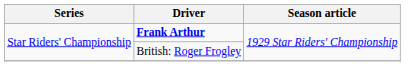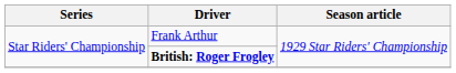 <table class="wikitable" style="font-size: 87%;">
 <tr>
 <th>Series</th>
 <th>Driver</th>
 <th>Season article</th>
 </tr>
 <tr>
 <td rowspan=2><a href='#'>Star Riders' Championship</a></td>
-<td><strong> <a href='#'>Frank Arthur</a></strong></td>
+<td> <a href='#'>Frank Arthur</a></td>
 <td rowspan=2><em><a href='#'>1929 Star Riders' Championship</a></em></td>
 </tr>
 <tr>
-<td>British:  <a href='#'>Roger Frogley</a></td>
+<td><strong>British:  <a href='#'>Roger Frogley</a></strong></td>
 </tr>
 <tr>
 </tr>
 </table>
